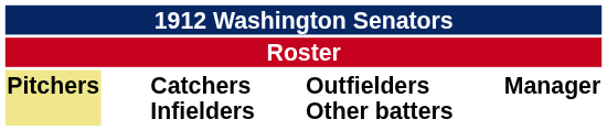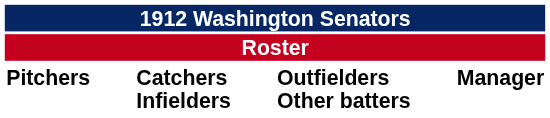 <table class="toccolours" style="font-size: 95%;">
 <tr>
 <th colspan="10" style="background-color: #072764; color: white; text-align: center;">1912 Washington Senators</th>
 </tr>
 <tr>
 <td colspan="10" style="background-color: #c6011f; color: white; text-align: center;"><strong>Roster</strong></td>
 </tr>
 <tr>
-<td valign="top" style="background: khaki;"><strong>Pitchers</strong><br>                 </td>
+<td valign="top"><strong>Pitchers</strong><br>                 </td>
 <td width="25px"></td>
 <td valign="top"><strong>Catchers</strong><br>   <strong>Infielders</strong>           </td>
 <td width="25px"></td>
 <td valign="top"><strong>Outfielders</strong><br>       <strong>Other batters</strong>  </td>
 <td width="25px"></td>
 <td valign="top"><strong>Manager</strong><br></td>
 </tr>
 </table>
